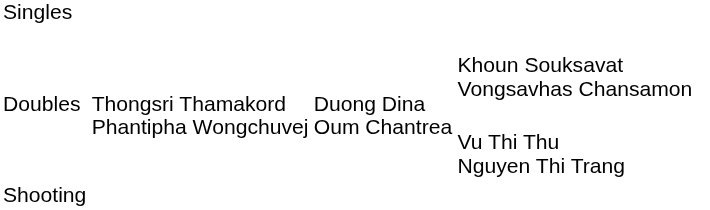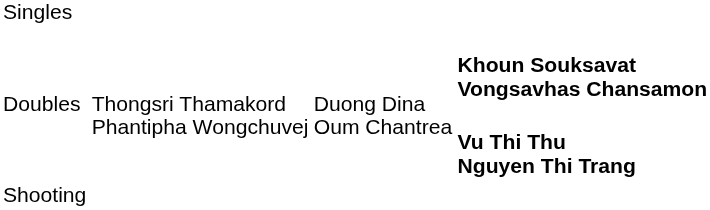 <table>
 <tr>
 <td rowspan=2>Singles</td>
 <td rowspan=2></td>
 <td rowspan=2></td>
 <td></td>
 </tr>
 <tr>
 <td></td>
 </tr>
 <tr>
 <td rowspan=2>Doubles</td>
 <td rowspan=2><br>Thongsri Thamakord<br>Phantipha Wongchuvej</td>
 <td rowspan=2><br>Duong Dina<br>Oum Chantrea</td>
-<td><br>Khoun Souksavat<br>Vongsavhas Chansamon</td>
+<td><strong><br>Khoun Souksavat<br>Vongsavhas Chansamon</strong></td>
 </tr>
 <tr>
-<td><br>Vu Thi Thu<br>Nguyen Thi Trang</td>
+<td><strong><br>Vu Thi Thu<br>Nguyen Thi Trang</strong></td>
 </tr>
 <tr>
 <td rowspan=2>Shooting</td>
 <td rowspan=2></td>
 <td rowspan=2></td>
 <td></td>
 </tr>
 <tr>
 <td></td>
 </tr>
 </table>
